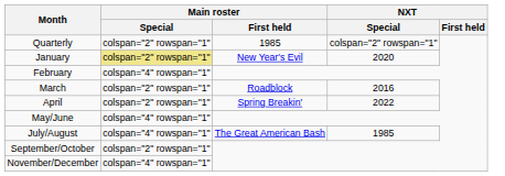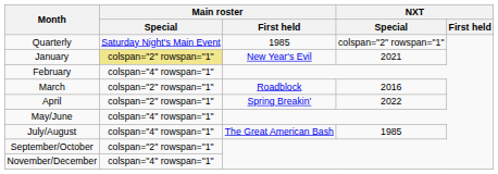 <table class="wikitable sortable" style="font-size:85%; text-align:center;">
 <tr>
 <th rowspan="2">Month</th>
 <th colspan="2">Main roster</th>
 <th colspan="2">NXT</th>
 </tr>
 <tr>
 <th>Special</th>
 <th>First held</th>
 <th>Special</th>
 <th>First held</th>
 </tr>
 <tr>
 <td>Quarterly</td>
-<td>colspan="2" rowspan="1" </td>
+<td><a href='#'>Saturday Night's Main Event</a></td>
 <td>1985</td>
 <td>colspan="2" rowspan="1" </td>
 </tr>
 <tr>
 <td>January</td>
 <td style="background: khaki;">colspan="2" rowspan="1" </td>
 <td><a href='#'>New Year's Evil</a></td>
-<td>2020</td>
+<td>2021</td>
 </tr>
 <tr>
 <td>February</td>
 <td>colspan="4" rowspan="1" </td>
 </tr>
 <tr>
 <td>March</td>
 <td>colspan="2" rowspan="1" </td>
 <td><a href='#'>Roadblock</a></td>
 <td>2016</td>
 </tr>
 <tr>
 <td>April</td>
 <td>colspan="2" rowspan="1" </td>
 <td><a href='#'>Spring Breakin'</a></td>
 <td>2022</td>
 </tr>
 <tr>
 <td>May/June</td>
 <td>colspan="4" rowspan="1" </td>
 </tr>
 <tr>
 <td>July/August</td>
 <td>colspan="4" rowspan="1" </td>
 <td><a href='#'>The Great American Bash</a></td>
 <td>1985</td>
 </tr>
 <tr>
 <td>September/October</td>
 <td>colspan="2" rowspan="1" </td>
 </tr>
 <tr>
 <td>November/December</td>
 <td>colspan="4" rowspan="1" </td>
 </tr>
 </table>
